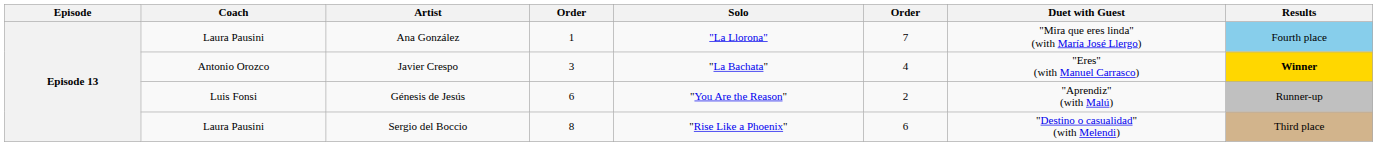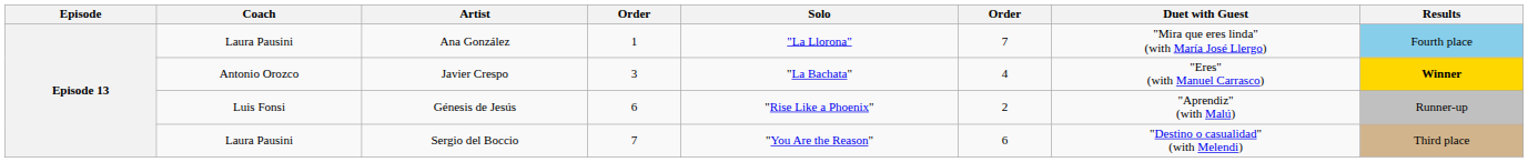 <table class="wikitable" style="text-align:center; width:100%">
 <tr>
 <th>Episode</th>
 <th>Coach</th>
 <th>Artist</th>
 <th>Order</th>
 <th>Solo</th>
 <th>Order</th>
 <th>Duet with Guest</th>
 <th>Results</th>
 </tr>
 <tr>
 <th rowspan="4">Episode 13<br></th>
 <td>Laura Pausini</td>
 <td>Ana González</td>
 <td>1</td>
 <td><a href='#'>"La Llorona"</a></td>
 <td>7</td>
 <td>"Mira que eres linda"<br>(with <a href='#'>María José Llergo</a>)</td>
 <td style="background:skyblue">Fourth place</td>
 </tr>
 <tr>
 <td>Antonio Orozco</td>
 <td>Javier Crespo</td>
 <td>3</td>
 <td>"<a href='#'>La Bachata</a>"</td>
 <td>4</td>
 <td>"Eres"<br>(with <a href='#'>Manuel Carrasco</a>)</td>
 <td style="background:gold"><strong>Winner</strong></td>
 </tr>
 <tr>
 <td>Luis Fonsi</td>
 <td>Génesis de Jesús</td>
 <td>6</td>
-<td>"<a href='#'>You Are the Reason</a>"</td>
+<td>"<a href='#'>Rise Like a Phoenix</a>"</td>
 <td>2</td>
 <td>"Aprendiz"<br>(with <a href='#'>Malú</a>)</td>
 <td style="background:silver">Runner-up</td>
 </tr>
 <tr>
 <td>Laura Pausini</td>
 <td>Sergio del Boccio</td>
-<td>8</td>
-<td>"<a href='#'>Rise Like a Phoenix</a>"</td>
+<td>7</td>
+<td>"<a href='#'>You Are the Reason</a>"</td>
 <td>6</td>
 <td>"<a href='#'>Destino o casualidad</a>"<br>(with <a href='#'>Melendi</a>)</td>
 <td style="background:tan">Third place</td>
 </tr>
 </table>
